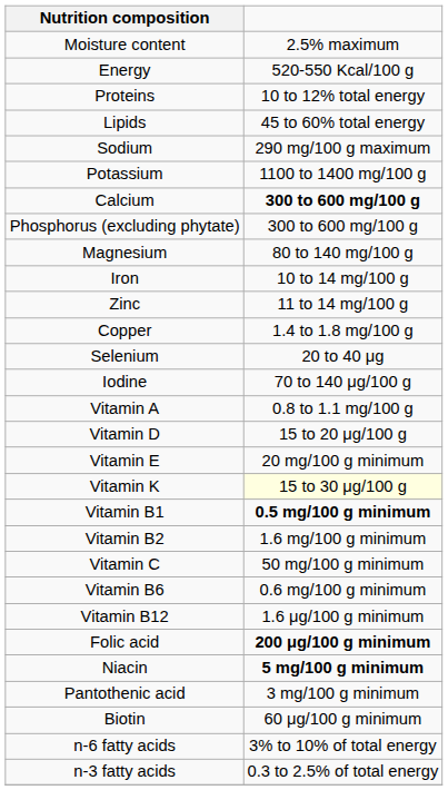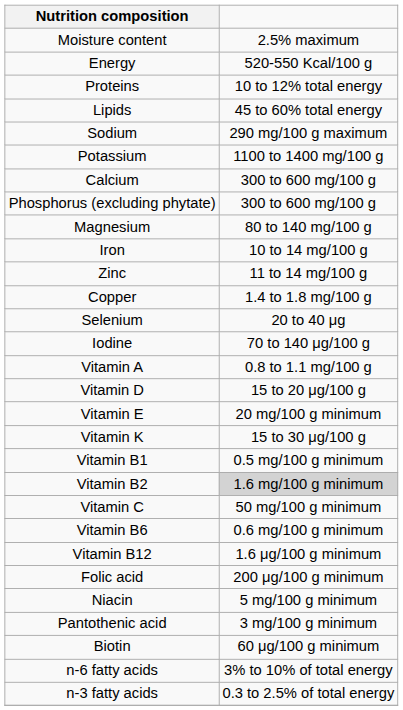 <table class="wikitable" style = "float: right; margin-left:15px; text-align:center">
 <tr>
 <th>Nutrition composition</th>
 </tr>
 <tr>
 <td>Moisture content</td>
 <td>2.5% maximum</td>
 </tr>
 <tr>
 <td>Energy</td>
 <td>520-550 Kcal/100 g</td>
 </tr>
 <tr>
 <td>Proteins</td>
 <td>10 to 12% total energy</td>
 </tr>
 <tr>
 <td>Lipids</td>
 <td>45 to 60% total energy</td>
 </tr>
 <tr>
 <td>Sodium</td>
 <td>290 mg/100 g maximum</td>
 </tr>
 <tr>
 <td>Potassium</td>
 <td>1100 to 1400 mg/100 g</td>
 </tr>
 <tr>
 <td>Calcium</td>
-<td><strong>300 to 600 mg/100 g</strong></td>
+<td>300 to 600 mg/100 g</td>
 </tr>
 <tr>
 <td>Phosphorus (excluding phytate)</td>
 <td>300 to 600 mg/100 g</td>
 </tr>
 <tr>
 <td>Magnesium</td>
 <td>80 to 140 mg/100 g</td>
 </tr>
 <tr>
 <td>Iron</td>
 <td>10 to 14 mg/100 g</td>
 </tr>
 <tr>
 <td>Zinc</td>
 <td>11 to 14 mg/100 g</td>
 </tr>
 <tr>
 <td>Copper</td>
 <td>1.4 to 1.8 mg/100 g</td>
 </tr>
 <tr>
 <td>Selenium</td>
 <td>20 to 40 μg</td>
 </tr>
 <tr>
 <td>Iodine</td>
 <td>70 to 140 μg/100 g</td>
 </tr>
 <tr>
 <td>Vitamin A</td>
 <td>0.8 to 1.1 mg/100 g</td>
 </tr>
 <tr>
 <td>Vitamin D</td>
 <td>15 to 20 μg/100 g</td>
 </tr>
 <tr>
 <td>Vitamin E</td>
 <td>20 mg/100 g minimum</td>
 </tr>
 <tr>
 <td>Vitamin K</td>
-<td style="background: lightyellow;">15 to 30 μg/100 g</td>
+<td>15 to 30 μg/100 g</td>
 </tr>
 <tr>
 <td>Vitamin B1</td>
-<td><strong>0.5 mg/100 g minimum</strong></td>
+<td>0.5 mg/100 g minimum</td>
 </tr>
 <tr>
 <td>Vitamin B2</td>
-<td>1.6 mg/100 g minimum</td>
+<td style="background: lightgrey;">1.6 mg/100 g minimum</td>
 </tr>
 <tr>
 <td>Vitamin C</td>
 <td>50 mg/100 g minimum</td>
 </tr>
 <tr>
 <td>Vitamin B6</td>
 <td>0.6 mg/100 g minimum</td>
 </tr>
 <tr>
 <td>Vitamin B12</td>
 <td>1.6 μg/100 g minimum</td>
 </tr>
 <tr>
 <td>Folic acid</td>
-<td><strong>200 μg/100 g minimum</strong></td>
+<td>200 μg/100 g minimum</td>
 </tr>
 <tr>
 <td>Niacin</td>
-<td><strong>5 mg/100 g minimum</strong></td>
+<td>5 mg/100 g minimum</td>
 </tr>
 <tr>
 <td>Pantothenic acid</td>
 <td>3 mg/100 g minimum</td>
 </tr>
 <tr>
 <td>Biotin</td>
 <td>60 μg/100 g minimum</td>
 </tr>
 <tr>
 <td>n-6 fatty acids</td>
 <td>3% to 10% of total energy</td>
 </tr>
 <tr>
 <td>n-3 fatty acids</td>
 <td>0.3 to 2.5% of total energy</td>
 </tr>
 <tr>
 </tr>
 </table>
